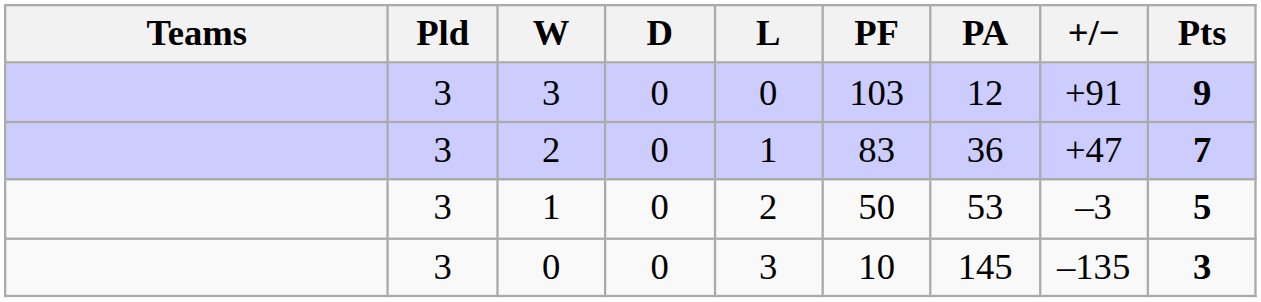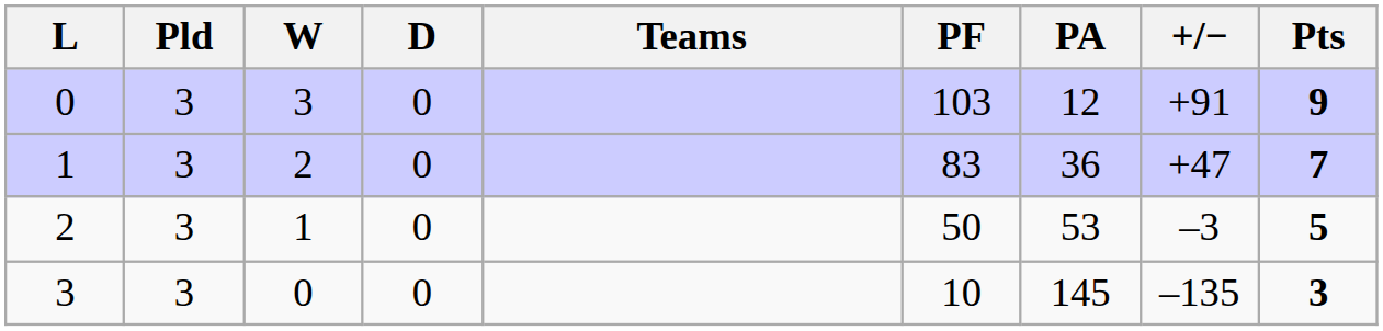 <table class="wikitable" style="text-align: center;">
 <tr>
-<th width="160">Teams</th>
+<th width="40">L</th>
 <th width="40">Pld</th>
 <th width="40">W</th>
 <th width="40">D</th>
-<th width="40">L</th>
+<th width="160">Teams</th>
 <th width="40">PF</th>
 <th width="40">PA</th>
 <th width="40">+/−</th>
 <th width="40">Pts</th>
 </tr>
 <tr bgcolor=ccccff>
-<td align=left></td>
+<td>0</td>
 <td>3</td>
 <td>3</td>
 <td>0</td>
-<td>0</td>
+<td align=left></td>
 <td>103</td>
 <td>12</td>
 <td>+91</td>
 <td><strong>9</strong></td>
 </tr>
 <tr bgcolor=ccccff>
-<td align=left></td>
+<td>1</td>
 <td>3</td>
 <td>2</td>
 <td>0</td>
-<td>1</td>
+<td align=left></td>
 <td>83</td>
 <td>36</td>
 <td>+47</td>
 <td><strong>7</strong></td>
 </tr>
 <tr>
-<td align=left></td>
+<td>2</td>
 <td>3</td>
 <td>1</td>
 <td>0</td>
-<td>2</td>
+<td align=left></td>
 <td>50</td>
 <td>53</td>
 <td>–3</td>
 <td><strong>5</strong></td>
 </tr>
 <tr>
-<td align=left></td>
+<td>3</td>
 <td>3</td>
 <td>0</td>
 <td>0</td>
-<td>3</td>
+<td align=left></td>
 <td>10</td>
 <td>145</td>
 <td>–135</td>
 <td><strong>3</strong></td>
 </tr>
 </table>
